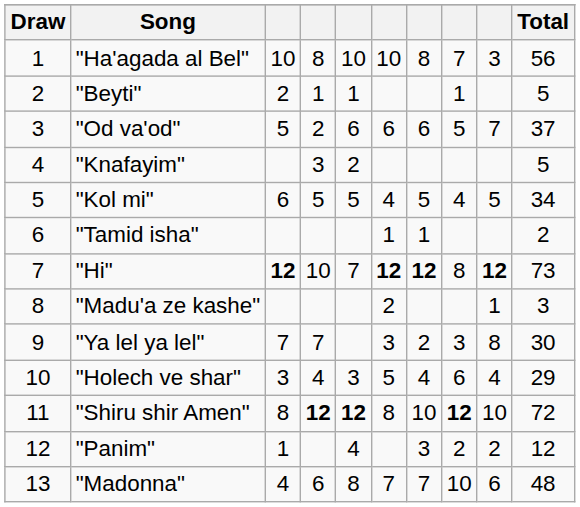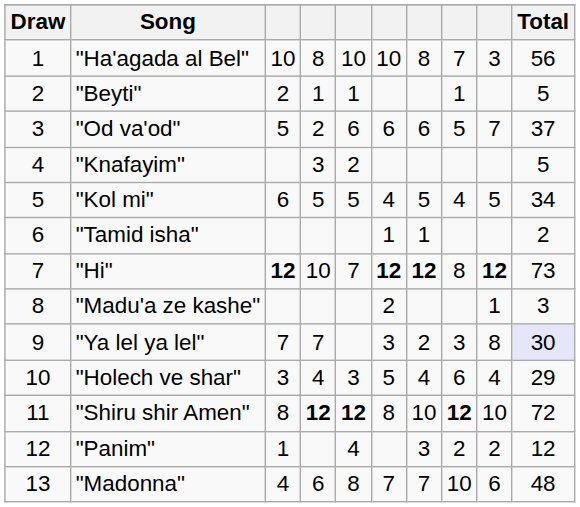 <table class="wikitable plainrowheaders" style="margin: 1em auto 1em auto; text-align:center;">
 <tr>
 </tr>
 <tr>
 <th scope="col">Draw</th>
 <th scope="col">Song</th>
 <th></th>
 <th></th>
 <th></th>
 <th></th>
 <th></th>
 <th></th>
 <th></th>
 <th scope="col">Total</th>
 </tr>
 <tr>
 <td>1</td>
 <td align="left">"Ha'agada al Bel"</td>
 <td style="text-align:center">10</td>
 <td style="text-align:center">8</td>
 <td style="text-align:center">10</td>
 <td style="text-align:center">10</td>
 <td style="text-align:center">8</td>
 <td style="text-align:center">7</td>
 <td style="text-align:center">3</td>
 <td style="text-align:center">56</td>
 </tr>
 <tr>
 <td>2</td>
 <td align="left">"Beyti"</td>
 <td style="text-align:center">2</td>
 <td style="text-align:center">1</td>
 <td style="text-align:center">1</td>
 <td style="text-align:center"></td>
 <td style="text-align:center"></td>
 <td style="text-align:center">1</td>
 <td style="text-align:center"></td>
 <td style="text-align:center">5</td>
 </tr>
 <tr>
 <td>3</td>
 <td align="left">"Od va'od"</td>
 <td style="text-align:center">5</td>
 <td style="text-align:center">2</td>
 <td style="text-align:center">6</td>
 <td style="text-align:center">6</td>
 <td style="text-align:center">6</td>
 <td style="text-align:center">5</td>
 <td style="text-align:center">7</td>
 <td style="text-align:center">37</td>
 </tr>
 <tr>
 <td>4</td>
 <td align="left">"Knafayim"</td>
 <td style="text-align:center"></td>
 <td style="text-align:center">3</td>
 <td style="text-align:center">2</td>
 <td style="text-align:center"></td>
 <td style="text-align:center"></td>
 <td style="text-align:center"></td>
 <td style="text-align:center"></td>
 <td style="text-align:center">5</td>
 </tr>
 <tr>
 <td>5</td>
 <td align="left">"Kol mi"</td>
 <td style="text-align:center">6</td>
 <td style="text-align:center">5</td>
 <td style="text-align:center">5</td>
 <td style="text-align:center">4</td>
 <td style="text-align:center">5</td>
 <td style="text-align:center">4</td>
 <td style="text-align:center">5</td>
 <td style="text-align:center">34</td>
 </tr>
 <tr>
 <td>6</td>
 <td align="left">"Tamid isha"</td>
 <td style="text-align:center"></td>
 <td style="text-align:center"></td>
 <td style="text-align:center"></td>
 <td style="text-align:center">1</td>
 <td style="text-align:center">1</td>
 <td style="text-align:center"></td>
 <td style="text-align:center"></td>
 <td style="text-align:center">2</td>
 </tr>
 <tr>
 <td>7</td>
 <td align="left">"Hi"</td>
 <td style="text-align:center"><strong>12</strong></td>
 <td style="text-align:center">10</td>
 <td style="text-align:center">7</td>
 <td style="text-align:center"><strong>12</strong></td>
 <td style="text-align:center"><strong>12</strong></td>
 <td style="text-align:center">8</td>
 <td style="text-align:center"><strong>12</strong></td>
 <td style="text-align:center">73</td>
 </tr>
 <tr>
 <td>8</td>
 <td align="left">"Madu'a ze kashe"</td>
 <td style="text-align:center"></td>
 <td style="text-align:center"></td>
 <td style="text-align:center"></td>
 <td style="text-align:center">2</td>
 <td style="text-align:center"></td>
 <td style="text-align:center"></td>
 <td style="text-align:center">1</td>
 <td style="text-align:center">3</td>
 </tr>
 <tr>
 <td>9</td>
 <td align="left">"Ya lel ya lel"</td>
 <td style="text-align:center">7</td>
 <td style="text-align:center">7</td>
 <td style="text-align:center"></td>
 <td style="text-align:center">3</td>
 <td style="text-align:center">2</td>
 <td style="text-align:center">3</td>
 <td style="text-align:center">8</td>
-<td style="text-align:center">30</td>
+<td style="background: lavender; text-align:center">30</td>
 </tr>
 <tr>
 <td>10</td>
 <td align="left">"Holech ve shar"</td>
 <td style="text-align:center">3</td>
 <td style="text-align:center">4</td>
 <td style="text-align:center">3</td>
 <td style="text-align:center">5</td>
 <td style="text-align:center">4</td>
 <td style="text-align:center">6</td>
 <td style="text-align:center">4</td>
 <td style="text-align:center">29</td>
 </tr>
 <tr>
 <td>11</td>
 <td align="left">"Shiru shir Amen"</td>
 <td style="text-align:center">8</td>
 <td style="text-align:center"><strong>12</strong></td>
 <td style="text-align:center"><strong>12</strong></td>
 <td style="text-align:center">8</td>
 <td style="text-align:center">10</td>
 <td style="text-align:center"><strong>12</strong></td>
 <td style="text-align:center">10</td>
 <td style="text-align:center">72</td>
 </tr>
 <tr>
 <td>12</td>
 <td align="left">"Panim"</td>
 <td style="text-align:center">1</td>
 <td style="text-align:center"></td>
 <td style="text-align:center">4</td>
 <td style="text-align:center"></td>
 <td style="text-align:center">3</td>
 <td style="text-align:center">2</td>
 <td style="text-align:center">2</td>
 <td style="text-align:center">12</td>
 </tr>
 <tr>
 <td>13</td>
 <td align="left">"Madonna"</td>
 <td style="text-align:center">4</td>
 <td style="text-align:center">6</td>
 <td style="text-align:center">8</td>
 <td style="text-align:center">7</td>
 <td style="text-align:center">7</td>
 <td style="text-align:center">10</td>
 <td style="text-align:center">6</td>
 <td style="text-align:center">48</td>
 </tr>
 </table>
